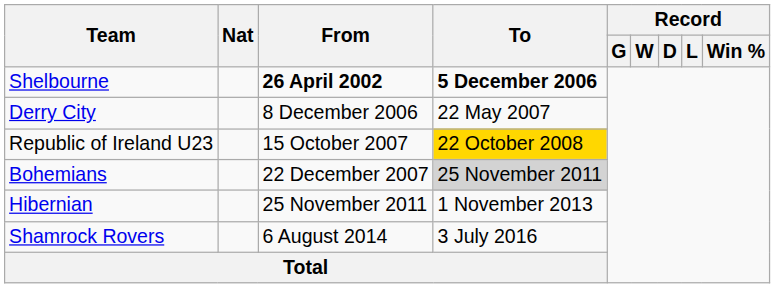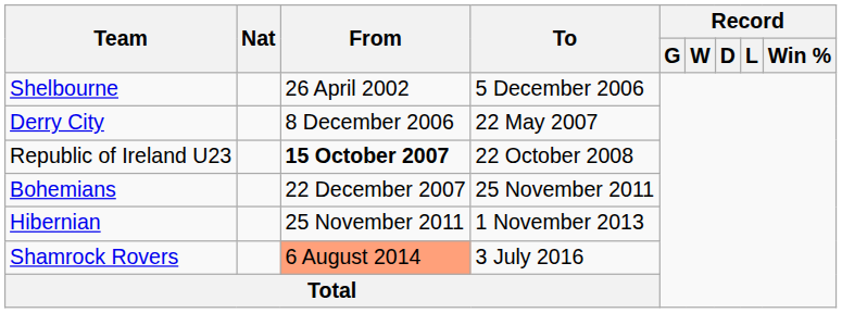 <table class="wikitable" style="text-align: center">
 <tr>
 <th rowspan="2">Team</th>
 <th rowspan="2">Nat</th>
 <th rowspan="2">From</th>
 <th rowspan="2">To</th>
 <th colspan="6">Record</th>
 </tr>
 <tr>
 <th>G</th>
 <th>W</th>
 <th>D</th>
 <th>L</th>
 <th>Win %</th>
 </tr>
 <tr>
 <td align=left><a href='#'>Shelbourne</a></td>
 <td></td>
-<td align=left><strong>26 April 2002</strong></td>
-<td align=left><strong>5 December 2006<br></strong></td>
+<td align=left>26 April 2002</td>
+<td align=left>5 December 2006<br></td>
 </tr>
 <tr>
 <td align=left><a href='#'>Derry City</a></td>
 <td></td>
 <td align=left>8 December 2006</td>
 <td align=left>22 May 2007<br></td>
 </tr>
 <tr>
 <td align=left>Republic of Ireland U23</td>
 <td></td>
-<td align=left>15 October 2007</td>
-<td align=left style="background: gold;">22 October 2008<br></td>
+<td align=left><strong>15 October 2007</strong></td>
+<td align=left>22 October 2008<br></td>
 </tr>
 <tr>
 <td align=left><a href='#'>Bohemians</a></td>
 <td></td>
 <td align=left>22 December 2007</td>
-<td align=left style="background: lightgrey;">25 November 2011<br></td>
+<td align=left>25 November 2011<br></td>
 </tr>
 <tr>
 <td align=left><a href='#'>Hibernian</a></td>
 <td></td>
 <td align=left>25 November 2011</td>
 <td align=left>1 November 2013<br></td>
 </tr>
 <tr>
 <td align=left><a href='#'>Shamrock Rovers</a></td>
 <td></td>
-<td align=left>6 August 2014</td>
+<td align=left style="background: lightsalmon;">6 August 2014</td>
 <td align=left>3 July 2016<br></td>
 </tr>
 <tr>
 <th colspan="4">Total<br></th>
 </tr>
 </table>
